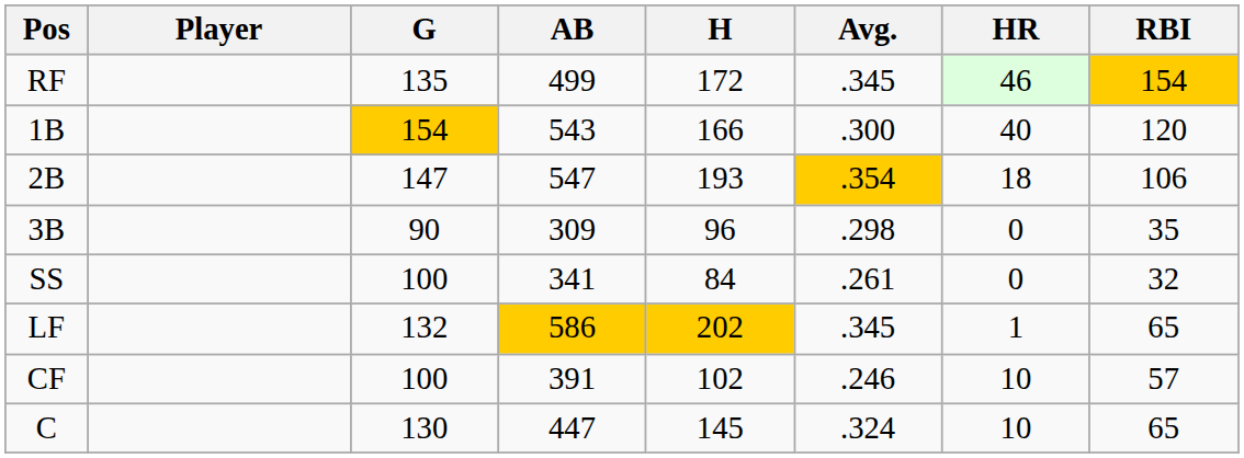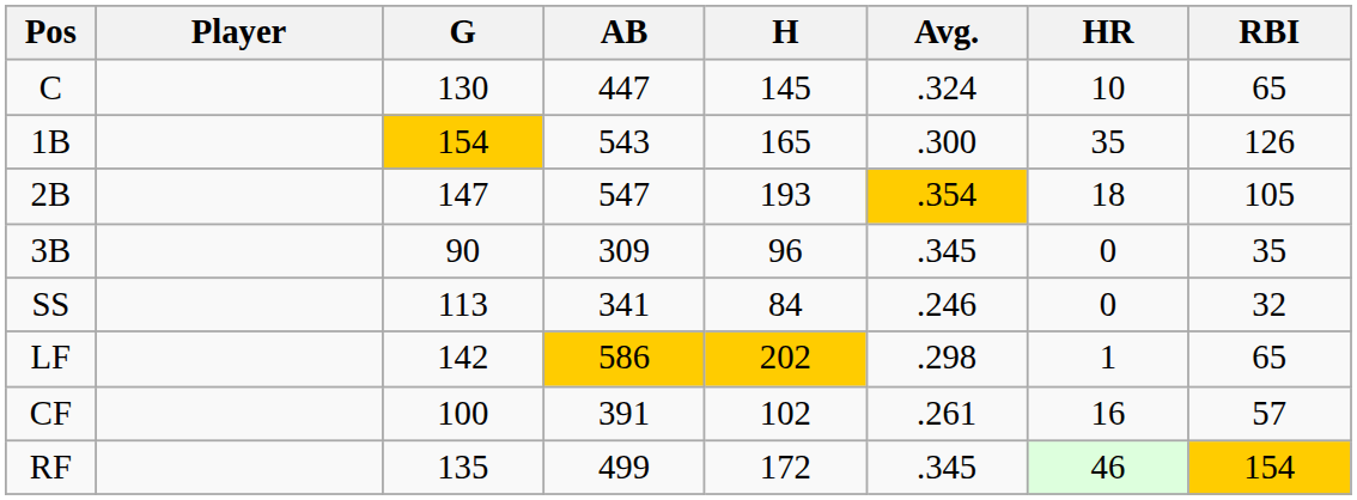 <table class="wikitable sortable">
 <tr>
 <th bgcolor="#DDDDFF" width="5%">Pos</th>
 <th bgcolor="#DDDDFF" width="16%">Player</th>
 <th bgcolor="#DDDDFF" width="9%">G</th>
 <th bgcolor="#DDDDFF" width="9%">AB</th>
 <th bgcolor="#DDDDFF" width="9%">H</th>
 <th bgcolor="#DDDDFF" width="9%">Avg.</th>
 <th bgcolor="#DDDDFF" width="9%">HR</th>
 <th bgcolor="#DDDDFF" width="9%">RBI</th>
 </tr>
 <tr align="center">
+<td>C</td>
+<td></td>
+<td>130</td>
+<td>447</td>
+<td>145</td>
+<td>.324</td>
+<td>10</td>
+<td>65</td>
+</tr>
+<tr align="center">
+<td>1B</td>
+<td></td>
+<td style="background:#fc0;">154</td>
+<td>543</td>
+<td>165</td>
+<td>.300</td>
+<td>35</td>
+<td>126</td>
+</tr>
+<tr align="center">
+<td>2B</td>
+<td></td>
+<td>147</td>
+<td>547</td>
+<td>193</td>
+<td style="background:#fc0;">.354</td>
+<td>18</td>
+<td>105</td>
+</tr>
+<tr align="center">
+<td>3B</td>
+<td></td>
+<td>90</td>
+<td>309</td>
+<td>96</td>
+<td>.345</td>
+<td>0</td>
+<td>35</td>
+</tr>
+<tr align="center">
+<td>SS</td>
+<td></td>
+<td>113</td>
+<td>341</td>
+<td>84</td>
+<td>.246</td>
+<td>0</td>
+<td>32</td>
+</tr>
+<tr align="center">
+<td>LF</td>
+<td></td>
+<td>142</td>
+<td style="background:#fc0;">586</td>
+<td style="background:#fc0;">202</td>
+<td>.298</td>
+<td>1</td>
+<td>65</td>
+</tr>
+<tr align="center">
+<td>CF</td>
+<td></td>
+<td>100</td>
+<td>391</td>
+<td>102</td>
+<td>.261</td>
+<td>16</td>
+<td>57</td>
+</tr>
+<tr align="center">
 <td>RF</td>
 <td></td>
 <td>135</td>
 <td>499</td>
 <td>172</td>
 <td>.345</td>
 <td style="background:#DDFFDD;">46</td>
 <td style="background:#fc0;">154</td>
 </tr>
-<tr align="center">
-<td>1B</td>
-<td></td>
-<td style="background:#fc0;">154</td>
-<td>543</td>
-<td>166</td>
-<td>.300</td>
-<td>40</td>
-<td>120</td>
-</tr>
-<tr align="center">
-<td>2B</td>
-<td></td>
-<td>147</td>
-<td>547</td>
-<td>193</td>
-<td style="background:#fc0;">.354</td>
-<td>18</td>
-<td>106</td>
-</tr>
-<tr align="center">
-<td>3B</td>
-<td></td>
-<td>90</td>
-<td>309</td>
-<td>96</td>
-<td>.298</td>
-<td>0</td>
-<td>35</td>
-</tr>
-<tr align="center">
-<td>SS</td>
-<td></td>
-<td>100</td>
-<td>341</td>
-<td>84</td>
-<td>.261</td>
-<td>0</td>
-<td>32</td>
-</tr>
-<tr align="center">
-<td>LF</td>
-<td></td>
-<td>132</td>
-<td style="background:#fc0;">586</td>
-<td style="background:#fc0;">202</td>
-<td>.345</td>
-<td>1</td>
-<td>65</td>
-</tr>
-<tr align="center">
-<td>CF</td>
-<td></td>
-<td>100</td>
-<td>391</td>
-<td>102</td>
-<td>.246</td>
-<td>10</td>
-<td>57</td>
-</tr>
-<tr align="center">
-<td>C</td>
-<td></td>
-<td>130</td>
-<td>447</td>
-<td>145</td>
-<td>.324</td>
-<td>10</td>
-<td>65</td>
-</tr>
 </table>
